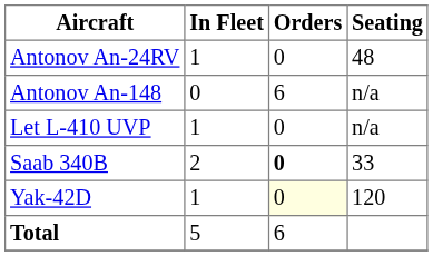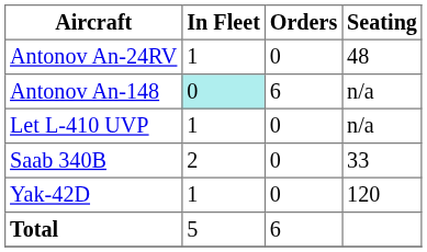 <table class="toccolours" border="1" cellpadding="3" style="border-collapse:collapse">
 <tr>
 <th>Aircraft</th>
 <th>In Fleet</th>
 <th>Orders</th>
 <th>Seating</th>
 </tr>
 <tr>
 <td><a href='#'>Antonov An-24RV</a></td>
 <td>1</td>
 <td>0</td>
 <td>48</td>
 </tr>
 <tr>
 <td><a href='#'>Antonov An-148</a></td>
-<td>0</td>
+<td style="background: paleturquoise;">0</td>
 <td>6</td>
 <td>n/a</td>
 </tr>
 <tr>
 <td><a href='#'>Let L-410 UVP</a></td>
 <td>1</td>
 <td>0</td>
 <td>n/a</td>
 </tr>
 <tr>
 <td><a href='#'>Saab 340B</a></td>
 <td>2</td>
-<td><strong>0</strong></td>
+<td>0</td>
 <td>33</td>
 </tr>
 <tr>
 <td><a href='#'>Yak-42D</a></td>
 <td>1</td>
-<td style="background: lightyellow;">0</td>
+<td>0</td>
 <td>120</td>
 </tr>
 <tr>
 <td><strong>Total</strong></td>
 <td>5</td>
 <td>6</td>
 <td></td>
 </tr>
 <tr>
 </tr>
 </table>
